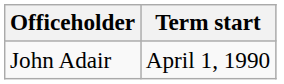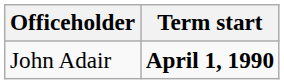 <table class="wikitable sortable">
 <tr style="vertical-align:bottom;">
 <th>Officeholder</th>
 <th>Term start</th>
 </tr>
 <tr>
 <td>John Adair</td>
-<td>April 1, 1990</td>
+<td><strong>April 1, 1990</strong></td>
 </tr>
 </table>
